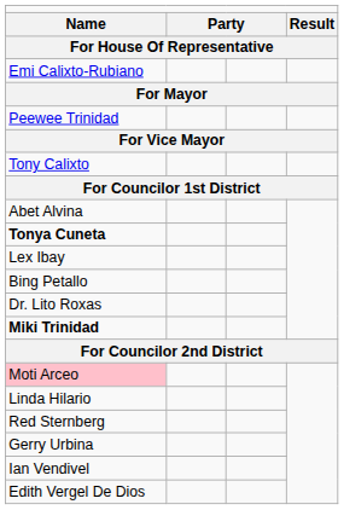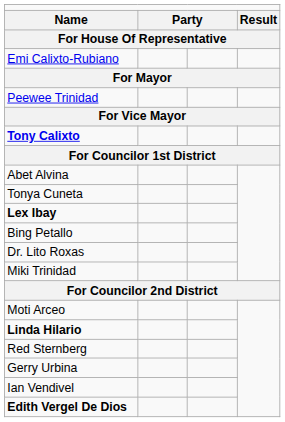 <table class="wikitable" style="font-size:90%">
 <tr>
 <td colspan="4" style="color:inherit;background:"></td>
 </tr>
 <tr>
 <th width="150px">Name</th>
 <th colspan="2" width="110px">Party</th>
 <th>Result</th>
 </tr>
 <tr>
 <th colspan="4">For House Of Representative</th>
 </tr>
 <tr>
 <td><a href='#'>Emi Calixto-Rubiano</a></td>
 <td></td>
 <td></td>
 </tr>
 <tr>
 <th colspan="4">For Mayor</th>
 </tr>
 <tr>
 <td><a href='#'>Peewee Trinidad</a></td>
 <td></td>
 <td></td>
 </tr>
 <tr>
 <th colspan="4">For Vice Mayor</th>
 </tr>
 <tr>
-<td><a href='#'>Tony Calixto</a></td>
+<td><strong><a href='#'>Tony Calixto</a></strong></td>
 <td></td>
 <td></td>
 </tr>
 <tr>
 <th colspan="4">For Councilor 1st District</th>
 </tr>
 <tr>
 <td>Abet Alvina</td>
 <td></td>
 <td></td>
 </tr>
 <tr>
-<td><strong>Tonya Cuneta</strong></td>
+<td>Tonya Cuneta</td>
 <td></td>
 <td></td>
 </tr>
 <tr>
-<td>Lex Ibay</td>
+<td><strong>Lex Ibay</strong></td>
 <td></td>
 <td></td>
 </tr>
 <tr>
 <td>Bing Petallo</td>
 <td></td>
 <td></td>
 </tr>
 <tr>
 <td>Dr. Lito Roxas</td>
 <td></td>
 <td></td>
 </tr>
 <tr>
-<td><strong>Miki Trinidad</strong></td>
+<td>Miki Trinidad</td>
 <td></td>
 <td></td>
 </tr>
 <tr>
 <th colspan="4">For Councilor 2nd District</th>
 </tr>
 <tr>
-<td style="background: pink;">Moti Arceo</td>
+<td>Moti Arceo</td>
 <td></td>
 <td></td>
 </tr>
 <tr>
-<td>Linda Hilario</td>
+<td><strong>Linda Hilario</strong></td>
 <td></td>
 <td></td>
 </tr>
 <tr>
 <td>Red Sternberg</td>
 <td></td>
 <td></td>
 </tr>
 <tr>
 <td>Gerry Urbina</td>
 <td></td>
 <td></td>
 </tr>
 <tr>
 <td>Ian Vendivel</td>
 <td></td>
 <td></td>
 </tr>
 <tr>
-<td>Edith Vergel De Dios</td>
+<td><strong>Edith Vergel De Dios</strong></td>
 <td></td>
 <td></td>
 </tr>
 </table>
